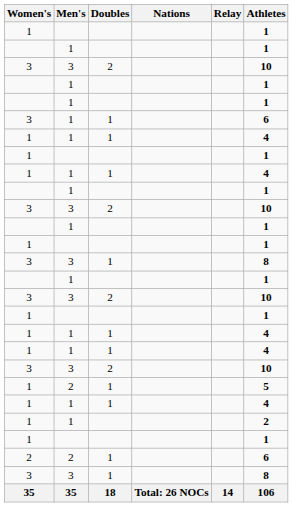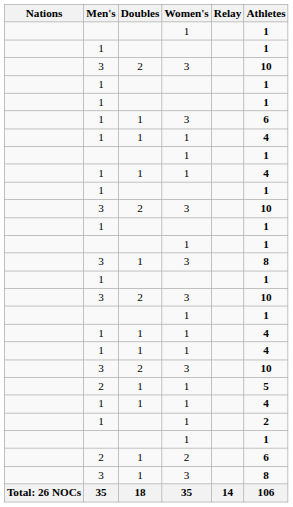 <table class="wikitable sortable" style="text-align:center;">
 <tr>
-<th>Women's</th>
+<th>Nations</th>
 <th>Men's</th>
 <th>Doubles</th>
-<th>Nations</th>
+<th>Women's</th>
 <th>Relay</th>
 <th>Athletes</th>
 </tr>
 <tr>
-<td>1</td>
+<td align="left"></td>
 <td></td>
 <td></td>
-<td align="left"></td>
+<td>1</td>
 <td></td>
 <td><strong>1</strong></td>
 </tr>
 <tr>
-<td></td>
+<td align="left"></td>
 <td>1</td>
 <td></td>
-<td align="left"></td>
+<td></td>
 <td></td>
 <td><strong>1</strong></td>
 </tr>
 <tr>
-<td>3</td>
+<td align="left"></td>
 <td>3</td>
 <td>2</td>
-<td align="left"></td>
+<td>3</td>
 <td></td>
 <td><strong>10</strong></td>
 </tr>
 <tr>
-<td></td>
+<td align="left"></td>
 <td>1</td>
 <td></td>
-<td align="left"></td>
+<td></td>
 <td></td>
 <td><strong>1</strong></td>
 </tr>
 <tr>
-<td></td>
+<td align="left"></td>
 <td>1</td>
 <td></td>
-<td align="left"></td>
+<td></td>
 <td></td>
 <td><strong>1</strong></td>
 </tr>
 <tr>
-<td>3</td>
+<td align="left"></td>
 <td>1</td>
 <td>1</td>
-<td align="left"></td>
+<td>3</td>
 <td></td>
 <td><strong>6</strong></td>
 </tr>
 <tr>
+<td align="left"></td>
 <td>1</td>
 <td>1</td>
 <td>1</td>
-<td align="left"></td>
 <td></td>
 <td><strong>4</strong></td>
 </tr>
 <tr>
-<td>1</td>
+<td align="left"></td>
 <td></td>
 <td></td>
-<td align="left"></td>
+<td>1</td>
 <td></td>
 <td><strong>1</strong></td>
 </tr>
 <tr>
+<td align="left"></td>
 <td>1</td>
 <td>1</td>
 <td>1</td>
-<td align="left"></td>
 <td></td>
 <td><strong>4</strong></td>
 </tr>
 <tr>
-<td></td>
+<td align="left"></td>
 <td>1</td>
 <td></td>
-<td align="left"></td>
+<td></td>
 <td></td>
 <td><strong>1</strong></td>
 </tr>
 <tr>
-<td>3</td>
+<td align="left"></td>
 <td>3</td>
 <td>2</td>
-<td align="left"></td>
+<td>3</td>
 <td></td>
 <td><strong>10</strong></td>
 </tr>
 <tr>
-<td></td>
+<td align="left"></td>
 <td>1</td>
 <td></td>
-<td align="left"></td>
+<td></td>
 <td></td>
 <td><strong>1</strong></td>
 </tr>
 <tr>
-<td>1</td>
+<td align="left"></td>
 <td></td>
 <td></td>
-<td align="left"></td>
+<td>1</td>
 <td></td>
 <td><strong>1</strong></td>
 </tr>
 <tr>
-<td>3</td>
+<td align="left"></td>
 <td>3</td>
 <td>1</td>
-<td align="left"></td>
+<td>3</td>
 <td></td>
 <td><strong>8</strong></td>
 </tr>
 <tr>
-<td></td>
+<td align="left"></td>
 <td>1</td>
 <td></td>
-<td align="left"></td>
+<td></td>
 <td></td>
 <td><strong>1</strong></td>
 </tr>
 <tr>
-<td>3</td>
+<td align="left"></td>
 <td>3</td>
 <td>2</td>
-<td align="left"></td>
+<td>3</td>
 <td></td>
 <td><strong>10</strong></td>
 </tr>
 <tr>
-<td>1</td>
+<td align="left"></td>
 <td></td>
 <td></td>
-<td align="left"></td>
+<td>1</td>
 <td></td>
 <td><strong>1</strong></td>
 </tr>
 <tr>
+<td align="left"></td>
 <td>1</td>
 <td>1</td>
 <td>1</td>
-<td align="left"></td>
 <td></td>
 <td><strong>4</strong></td>
 </tr>
 <tr>
+<td align="left"></td>
 <td>1</td>
 <td>1</td>
 <td>1</td>
-<td align="left"></td>
 <td></td>
 <td><strong>4</strong></td>
 </tr>
 <tr>
-<td>3</td>
+<td align="left"></td>
 <td>3</td>
 <td>2</td>
-<td align="left"></td>
+<td>3</td>
 <td></td>
 <td><strong>10</strong></td>
 </tr>
 <tr>
-<td>1</td>
+<td align="left"></td>
 <td>2</td>
 <td>1</td>
-<td align="left"></td>
+<td>1</td>
 <td></td>
 <td><strong>5</strong></td>
 </tr>
 <tr>
+<td align="left"></td>
 <td>1</td>
 <td>1</td>
 <td>1</td>
-<td align="left"></td>
 <td></td>
 <td><strong>4</strong></td>
 </tr>
 <tr>
-<td>1</td>
+<td align="left"></td>
 <td>1</td>
 <td></td>
-<td align="left"></td>
+<td>1</td>
 <td></td>
 <td><strong>2</strong></td>
 </tr>
 <tr>
-<td>1</td>
+<td align="left"></td>
 <td></td>
 <td></td>
-<td align="left"></td>
+<td>1</td>
 <td></td>
 <td><strong>1</strong></td>
 </tr>
 <tr>
-<td>2</td>
+<td align="left"></td>
 <td>2</td>
 <td>1</td>
-<td align="left"></td>
+<td>2</td>
 <td></td>
 <td><strong>6</strong></td>
 </tr>
 <tr>
-<td>3</td>
+<td align="left"></td>
 <td>3</td>
 <td>1</td>
-<td align="left"></td>
+<td>3</td>
 <td></td>
 <td><strong>8</strong></td>
 </tr>
 <tr>
-<th>35</th>
+<th>Total: 26 NOCs</th>
 <th>35</th>
 <th>18</th>
-<th>Total: 26 NOCs</th>
+<th>35</th>
 <th>14</th>
 <th>106</th>
 </tr>
 </table>
